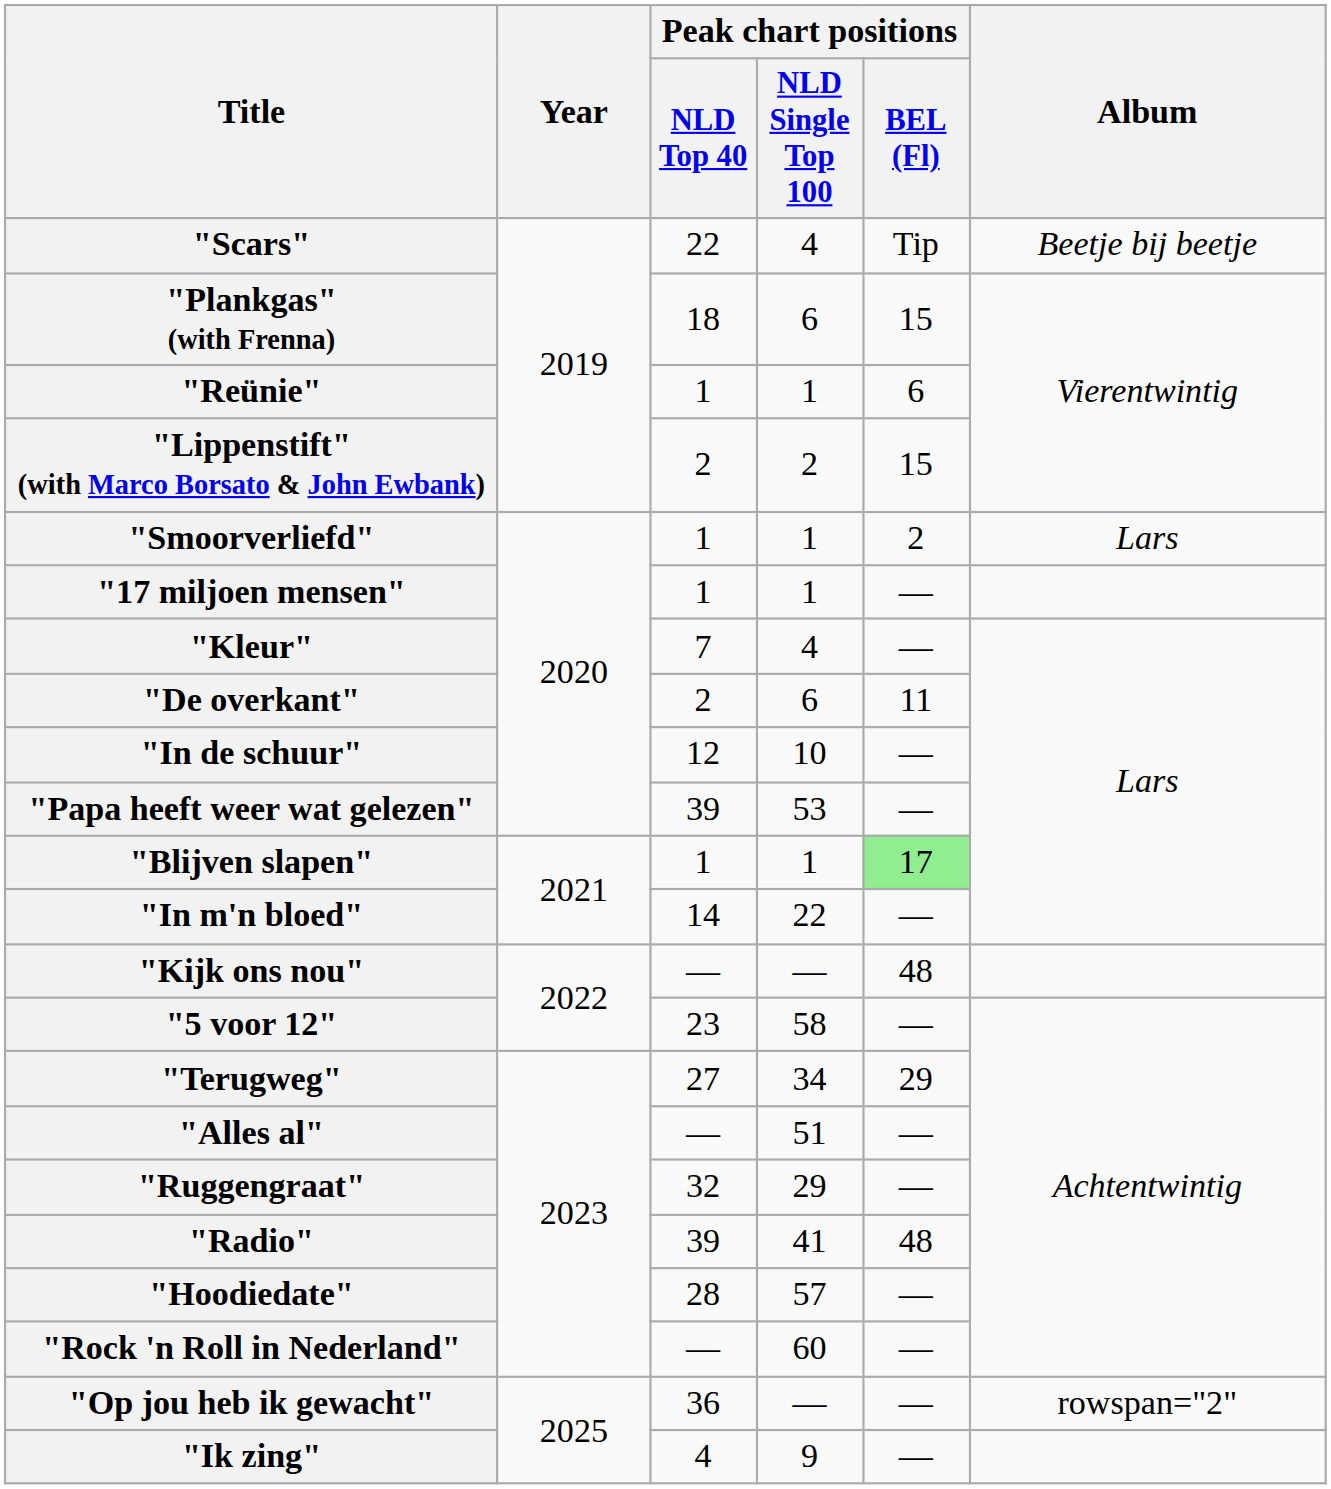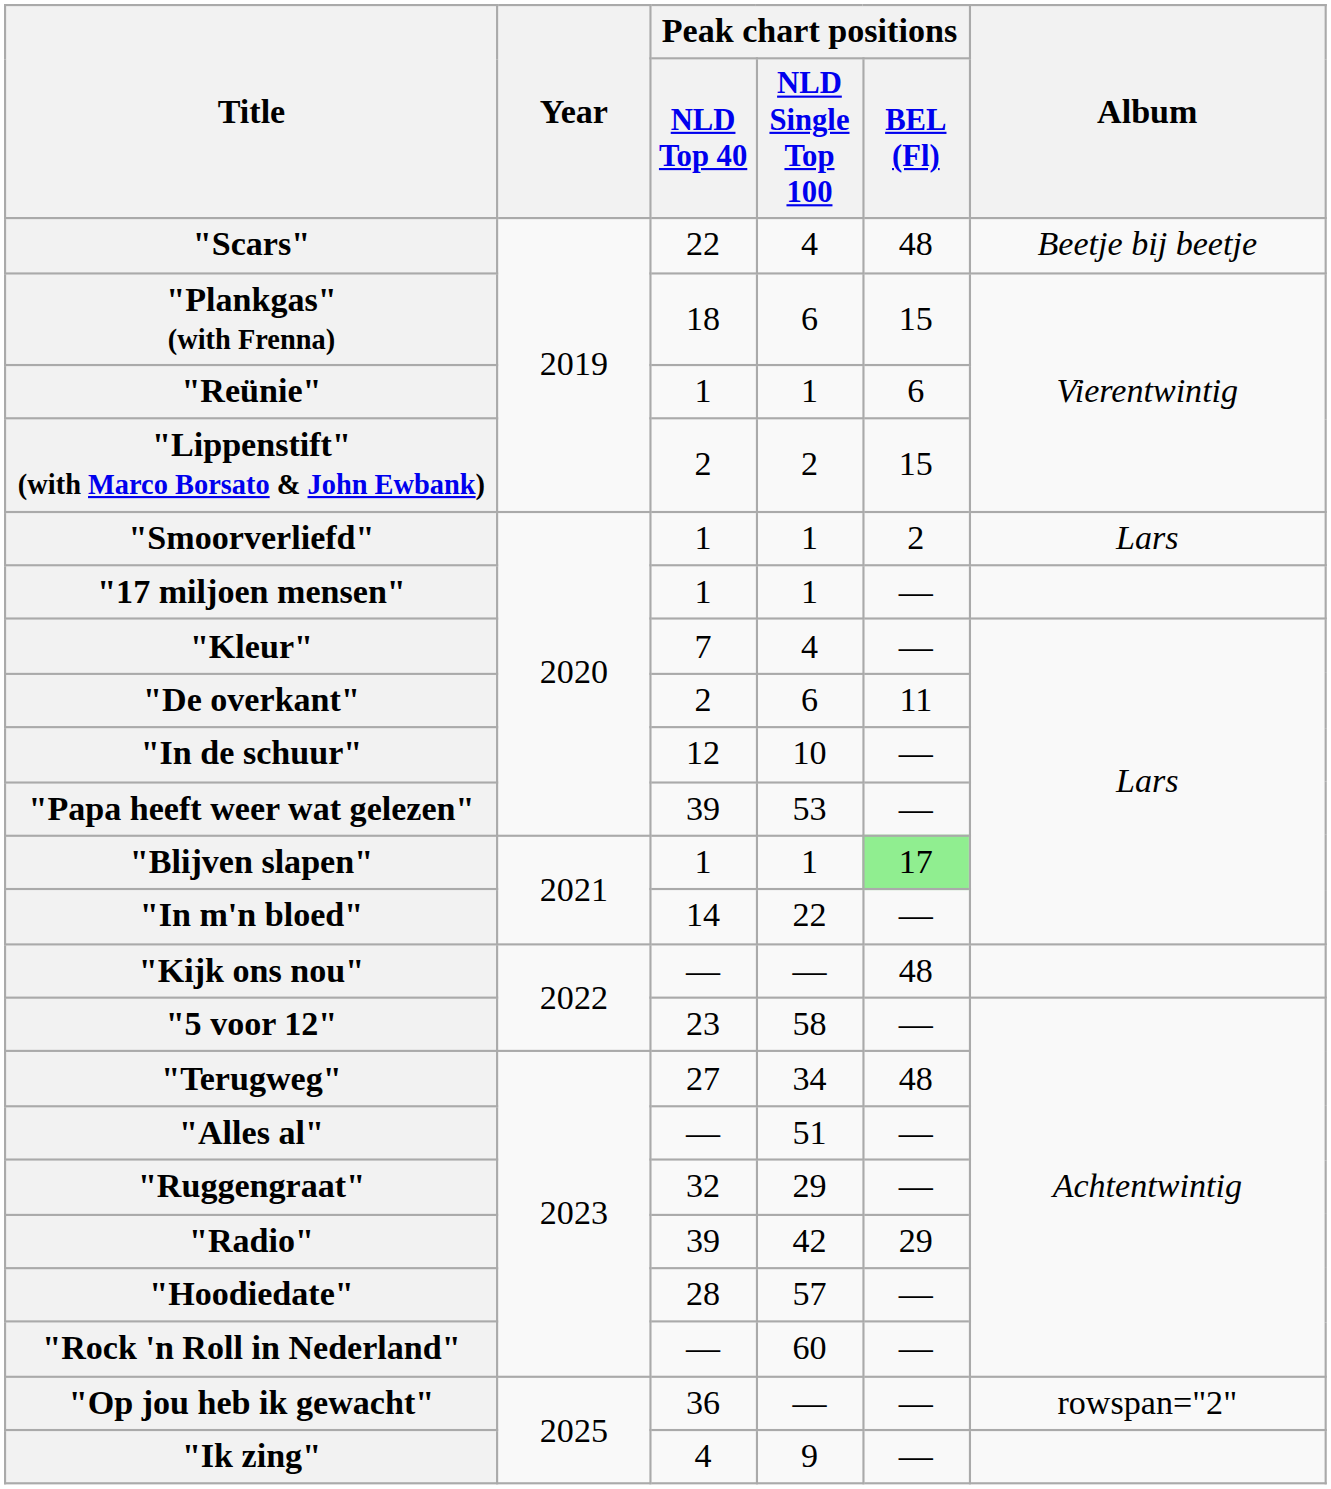 <table class="wikitable plainrowheaders" style="text-align:center;">
 <tr>
 <th scope="col" rowspan="2" style="width:14em;">Title</th>
 <th scope="col" rowspan="2" style="width:4em;">Year</th>
 <th scope="col" colspan="3">Peak chart positions</th>
 <th scope="col" rowspan="2" style="width:10em;">Album</th>
 </tr>
 <tr>
 <th scope="col" style="width:3em;font-size:90%;"><a href='#'>NLD<br>Top 40</a><br></th>
 <th scope="col" style="width:3em;font-size:90%;"><a href='#'>NLD<br>Single<br>Top 100</a><br></th>
 <th scope="col" style="width:3em;font-size:90%;"><a href='#'>BEL<br>(Fl)</a><br></th>
 </tr>
 <tr>
 <th scope="row">"Scars"</th>
 <td rowspan=4>2019</td>
 <td>22</td>
 <td>4</td>
-<td>Tip</td>
+<td>48</td>
 <td><em>Beetje bij beetje</em></td>
 </tr>
 <tr>
 <th scope="row">"Plankgas" <br><small>(with Frenna)</small></th>
 <td>18</td>
 <td>6</td>
 <td>15</td>
 <td rowspan="3"><em>Vierentwintig</em></td>
 </tr>
 <tr>
 <th scope="row">"Reünie"</th>
 <td>1</td>
 <td>1</td>
 <td>6</td>
 </tr>
 <tr>
 <th scope="row">"Lippenstift"<br><small>(with <a href='#'>Marco Borsato</a> & <a href='#'>John Ewbank</a>)</small></th>
 <td>2</td>
 <td>2</td>
 <td>15</td>
 </tr>
 <tr>
 <th scope="row">"Smoorverliefd"</th>
 <td rowspan="6">2020</td>
 <td>1</td>
 <td>1</td>
 <td>2</td>
 <td><em>Lars</em></td>
 </tr>
 <tr>
 <th scope="row">"17 miljoen mensen"<br></th>
 <td>1</td>
 <td>1</td>
 <td>—</td>
 <td></td>
 </tr>
 <tr>
 <th scope="row">"Kleur"</th>
 <td>7</td>
 <td>4</td>
 <td>—</td>
 <td rowspan="6"><em>Lars</em></td>
 </tr>
 <tr>
 <th scope="row">"De overkant"<br></th>
 <td>2</td>
 <td>6</td>
 <td>11</td>
 </tr>
 <tr>
 <th scope="row">"In de schuur"<br></th>
 <td>12</td>
 <td>10</td>
 <td>—</td>
 </tr>
 <tr>
 <th scope="row">"Papa heeft weer wat gelezen"<br></th>
 <td>39</td>
 <td>53</td>
 <td>—</td>
 </tr>
 <tr>
 <th scope="row">"Blijven slapen"<br></th>
 <td rowspan="2">2021</td>
 <td>1</td>
 <td>1</td>
 <td style="background: lightgreen;">17</td>
 </tr>
 <tr>
 <th scope="row">"In m'n bloed"</th>
 <td>14</td>
 <td>22</td>
 <td>—</td>
 </tr>
 <tr>
 <th scope="row">"Kijk ons nou"<br></th>
 <td rowspan="2">2022</td>
 <td>—</td>
 <td>—</td>
 <td>48</td>
 <td></td>
 </tr>
 <tr>
 <th scope="row">"5 voor 12"</th>
 <td>23</td>
 <td>58</td>
 <td>—</td>
 <td rowspan="7"><em>Achtentwintig</em></td>
 </tr>
 <tr>
 <th scope="row">"Terugweg"</th>
 <td rowspan="6">2023</td>
 <td>27</td>
 <td>34</td>
-<td>29</td>
+<td>48</td>
 </tr>
 <tr>
 <th scope="row">"Alles al"<br></th>
 <td>—</td>
 <td>51</td>
 <td>—</td>
 </tr>
 <tr>
 <th scope="row">"Ruggengraat"<br></th>
 <td>32</td>
 <td>29</td>
 <td>—</td>
 </tr>
 <tr>
 <th scope="row">"Radio"</th>
 <td>39</td>
-<td>41</td>
-<td>48</td>
+<td>42</td>
+<td>29</td>
 </tr>
 <tr>
 <th scope="row">"Hoodiedate"</th>
 <td>28</td>
 <td>57</td>
 <td>—</td>
 </tr>
 <tr>
 <th scope="row">"Rock 'n Roll in Nederland"<br></th>
 <td>—</td>
 <td>60</td>
 <td>—</td>
 </tr>
 <tr>
 <th scope="row">"Op jou heb ik gewacht"<br></th>
 <td rowspan="2">2025</td>
 <td>36</td>
 <td>—</td>
 <td>—</td>
 <td>rowspan="2" </td>
 </tr>
 <tr>
 <th scope="row">"Ik zing"<br></th>
 <td>4</td>
 <td>9</td>
 <td>—</td>
 </tr>
 </table>
